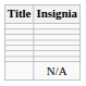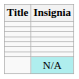 <table class="wikitable">
 <tr>
 <th>Title</th>
 <th>Insignia</th>
 </tr>
 <tr>
 <td></td>
 <td style="text-align:center;"></td>
 </tr>
 <tr>
 <td></td>
 <td style="text-align:center;"></td>
 </tr>
 <tr>
 <td></td>
 <td style="text-align:center;"></td>
 </tr>
 <tr>
 <td></td>
 <td style="text-align:center;"></td>
 </tr>
 <tr>
 <td></td>
 <td style="text-align:center;"></td>
 </tr>
 <tr>
 <td></td>
 <td style="text-align:center;"></td>
 </tr>
 <tr>
 <td></td>
 <td style="text-align:center;"></td>
 </tr>
 <tr>
 <td></td>
-<td style="text-align:center;">N/A</td>
+<td style="background: paleturquoise; text-align:center;">N/A</td>
 </tr>
 </table>
